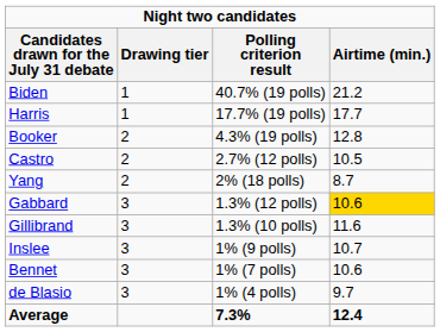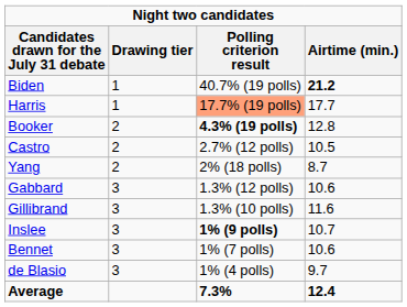 <table class="wikitable sortable" style="display:inline-table;line-height:16px;">
 <tr>
 <td colspan="4" style="text-align: center;"><strong>Night two candidates</strong></td>
 </tr>
 <tr>
 <th>Candidates<br> drawn for the<br> July 31 debate</th>
 <th>Drawing tier</th>
 <th>Polling<br> criterion<br> result</th>
 <th>Airtime (min.)</th>
 </tr>
 <tr>
 <td><a href='#'>Biden</a></td>
 <td>1</td>
 <td>40.7% (19 polls)</td>
-<td>21.2</td>
+<td><strong>21.2</strong></td>
 </tr>
 <tr>
 <td><a href='#'>Harris</a></td>
 <td>1</td>
-<td>17.7% (19 polls)</td>
+<td style="background: lightsalmon;">17.7% (19 polls)</td>
 <td>17.7</td>
 </tr>
 <tr>
 <td><a href='#'>Booker</a></td>
 <td>2</td>
-<td>4.3% (19 polls)</td>
+<td><strong>4.3% (19 polls)</strong></td>
 <td>12.8</td>
 </tr>
 <tr>
 <td><a href='#'>Castro</a></td>
 <td>2</td>
 <td>2.7% (12 polls)</td>
 <td>10.5</td>
 </tr>
 <tr>
 <td><a href='#'>Yang</a></td>
 <td>2</td>
 <td>2% (18 polls)</td>
 <td>8.7</td>
 </tr>
 <tr>
 <td><a href='#'>Gabbard</a></td>
 <td>3</td>
 <td>1.3% (12 polls)</td>
-<td style="background: gold;">10.6</td>
+<td>10.6</td>
 </tr>
 <tr>
 <td><a href='#'>Gillibrand</a></td>
 <td>3</td>
 <td>1.3% (10 polls)</td>
 <td>11.6</td>
 </tr>
 <tr>
 <td><a href='#'>Inslee</a></td>
 <td>3</td>
-<td>1% (9 polls)</td>
+<td><strong>1% (9 polls)</strong></td>
 <td>10.7</td>
 </tr>
 <tr>
 <td><a href='#'>Bennet</a></td>
 <td>3</td>
 <td>1% (7 polls)</td>
 <td>10.6</td>
 </tr>
 <tr>
 <td><a href='#'>de Blasio</a></td>
 <td>3</td>
 <td>1% (4 polls)</td>
 <td>9.7</td>
 </tr>
 <tr>
 <td><strong>Average</strong></td>
 <td></td>
 <td><strong>7.3%</strong></td>
 <td><strong>12.4</strong></td>
 </tr>
 </table>
